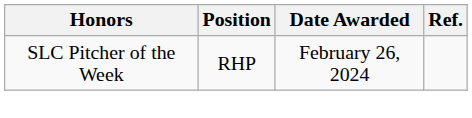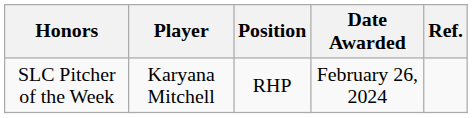 <table class="wikitable" style="width: 60%;text-align: center;">
 <tr>
 <th>Honors</th>
+<th>Player</th>
 <th>Position</th>
 <th>Date Awarded</th>
 <th>Ref.</th>
 </tr>
 <tr align="center">
 <td rowspan="1">SLC Pitcher of the Week</td>
+<td>Karyana Mitchell</td>
 <td>RHP</td>
 <td>February 26, 2024</td>
 <td></td>
 </tr>
 </table>
